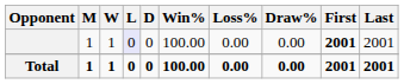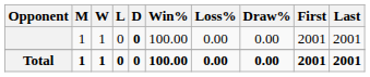 <table class="wikitable plainrowheaders sortable" style="text-align:center">
 <tr>
 <th scope="col">Opponent</th>
 <th scope="col">M</th>
 <th scope="col">W</th>
 <th scope="col">L</th>
 <th scope="col">D</th>
 <th scope="col">Win%</th>
 <th scope="col">Loss%</th>
 <th scope="col">Draw%</th>
 <th scope="col">First</th>
 <th scope="col">Last</th>
 </tr>
 <tr>
 <th scope="row"></th>
 <td>1</td>
 <td>1</td>
-<td style="background: lavender;">0</td>
 <td>0</td>
+<td><strong>0</strong></td>
 <td>100.00</td>
 <td>0.00</td>
 <td>0.00</td>
-<td><strong>2001</strong></td>
+<td>2001</td>
 <td>2001</td>
 </tr>
 <tr>
 </tr>
 <tr class="sortbottom">
 <th scope="row" style="text-align:center"><strong>Total</strong></th>
 <td><strong>1</strong></td>
 <td><strong>1</strong></td>
 <td><strong>0</strong></td>
 <td><strong>0</strong></td>
 <td><strong>100.00</strong></td>
 <td><strong>0.00</strong></td>
 <td><strong>0.00</strong></td>
 <td><strong>2001</strong></td>
 <td><strong>2001</strong></td>
 </tr>
 </table>
